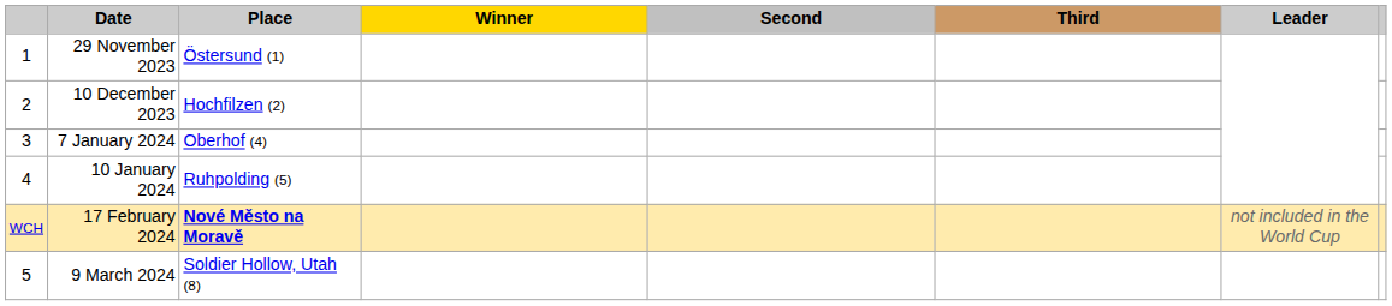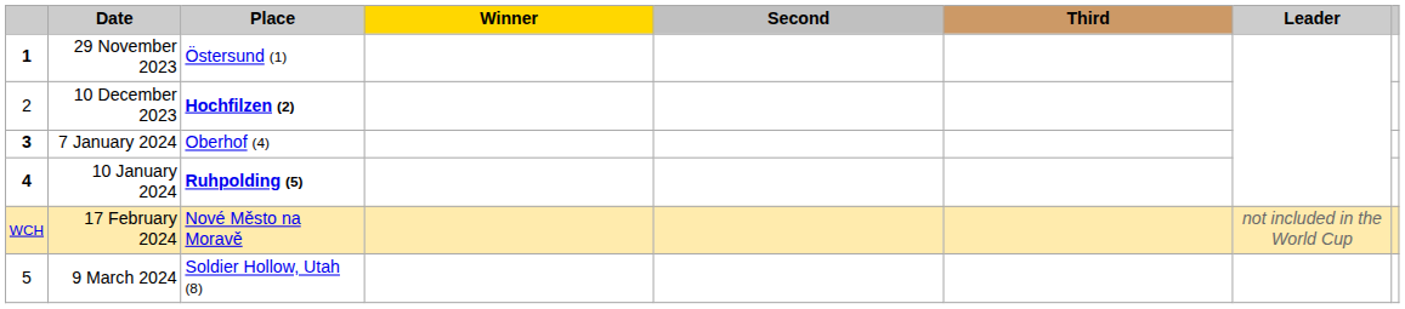 <table class="wikitable plainrowheaders" style="background:#fff; font-size:86%; line-height:16px; border:grey solid 1px; border-collapse:collapse;">
 <tr>
 <th scope="col" style="background:#ccc; width=5 px;"></th>
 <th scope="col" style="background:#ccc; width:100px;">Date</th>
 <th scope="col" style="background:#ccc; width:140px;">Place <br> </th>
 <th scope="col" style="background:gold; width:225px;">Winner</th>
 <th scope="col" style="background:silver; width:225px;">Second</th>
 <th scope="col" style="background:#c96; width:225px;">Third</th>
 <th scope="col" style="background:#ccc; width:120px;">Leader <br> </th>
 <th scope="col" style="background:#ccc; width=5 px;"></th>
 </tr>
 <tr>
-<td align="center">1</td>
+<td align="center"><strong>1</strong></td>
 <td align="right">29 November 2023</td>
 <td> <a href='#'>Östersund</a> <small>(1)</small></td>
 <td></td>
 <td></td>
 <td></td>
 <td rowspan=4></td>
 <td></td>
 </tr>
 <tr>
 <td align="center">2</td>
 <td align="right">10 December 2023</td>
-<td> <a href='#'>Hochfilzen</a> <small>(2)</small></td>
+<td><strong> <a href='#'>Hochfilzen</a> <small>(2)</small></strong></td>
 <td></td>
 <td></td>
 <td></td>
 <td></td>
 </tr>
 <tr>
-<td align="center">3</td>
+<td align="center"><strong>3</strong></td>
 <td align="right">7 January 2024</td>
 <td> <a href='#'>Oberhof</a> <small>(4)</small></td>
 <td></td>
 <td></td>
 <td></td>
 <td></td>
 </tr>
 <tr>
-<td align="center">4</td>
+<td align="center"><strong>4</strong></td>
 <td align="right">10 January 2024</td>
-<td> <a href='#'>Ruhpolding</a> <small>(5)</small></td>
+<td><strong> <a href='#'>Ruhpolding</a> <small>(5)</small></strong></td>
 <td></td>
 <td></td>
 <td></td>
 <td></td>
 </tr>
 <tr style="background:#FFEBAD">
 <td align="center"><small><a href='#'>WCH</a></small></td>
 <td align="right">17 February 2024</td>
-<td><strong> <a href='#'>Nové Město na Moravě</a></strong></td>
+<td> <a href='#'>Nové Město na Moravě</a></td>
 <td></td>
 <td></td>
 <td></td>
 <td align="center" style=color:#696969><em>not included in the World Cup</em></td>
 <td></td>
 </tr>
 <tr>
 <td align="center">5</td>
 <td align="right">9 March 2024</td>
 <td> <a href='#'>Soldier Hollow, Utah</a> <small>(8)</small></td>
 <td></td>
 <td></td>
 <td></td>
 <td></td>
 <td></td>
 </tr>
 </table>
